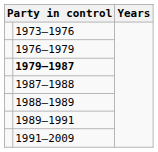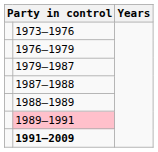 <table class="wikitable">
 <tr>
 <th colspan="2">Party in control</th>
 <th>Years</th>
 </tr>
 <tr>
 <td></td>
 <td>1973–1976</td>
 </tr>
 <tr>
 <td></td>
 <td>1976–1979</td>
 </tr>
 <tr>
 <td></td>
-<td><strong>1979–1987</strong></td>
+<td>1979–1987</td>
 </tr>
 <tr>
 <td></td>
 <td>1987–1988</td>
 </tr>
 <tr>
 <td></td>
 <td>1988–1989</td>
 </tr>
 <tr>
 <td></td>
-<td>1989–1991</td>
+<td style="background: pink;">1989–1991</td>
 </tr>
 <tr>
 <td></td>
-<td>1991–2009</td>
+<td><strong>1991–2009</strong></td>
 </tr>
 </table>
